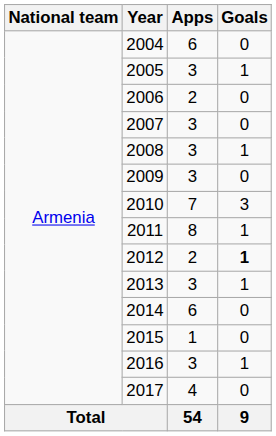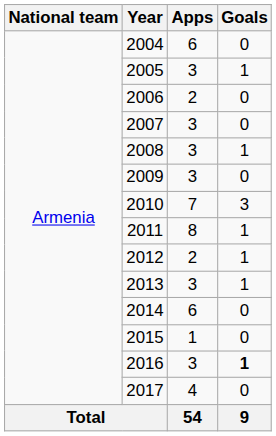 <table class="wikitable" style="text-align:center">
 <tr>
 <th>National team</th>
 <th>Year</th>
 <th>Apps</th>
 <th>Goals</th>
 </tr>
 <tr>
 <td rowspan="14"><a href='#'>Armenia</a></td>
 <td>2004</td>
 <td>6</td>
 <td>0</td>
 </tr>
 <tr>
 <td>2005</td>
 <td>3</td>
 <td>1</td>
 </tr>
 <tr>
 <td>2006</td>
 <td>2</td>
 <td>0</td>
 </tr>
 <tr>
 <td>2007</td>
 <td>3</td>
 <td>0</td>
 </tr>
 <tr>
 <td>2008</td>
 <td>3</td>
 <td>1</td>
 </tr>
 <tr>
 <td>2009</td>
 <td>3</td>
 <td>0</td>
 </tr>
 <tr>
 <td>2010</td>
 <td>7</td>
 <td>3</td>
 </tr>
 <tr>
 <td>2011</td>
 <td>8</td>
 <td>1</td>
 </tr>
 <tr>
 <td>2012</td>
 <td>2</td>
-<td><strong>1</strong></td>
+<td>1</td>
 </tr>
 <tr>
 <td>2013</td>
 <td>3</td>
 <td>1</td>
 </tr>
 <tr>
 <td>2014</td>
 <td>6</td>
 <td>0</td>
 </tr>
 <tr>
 <td>2015</td>
 <td>1</td>
 <td>0</td>
 </tr>
 <tr>
 <td>2016</td>
 <td>3</td>
-<td>1</td>
+<td><strong>1</strong></td>
 </tr>
 <tr>
 <td>2017</td>
 <td>4</td>
 <td>0</td>
 </tr>
 <tr>
 <th colspan="2">Total</th>
 <th>54</th>
 <th>9</th>
 </tr>
 </table>
